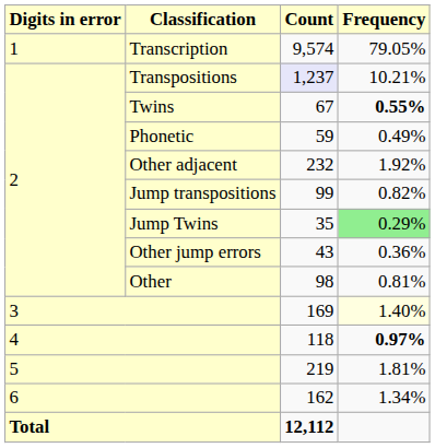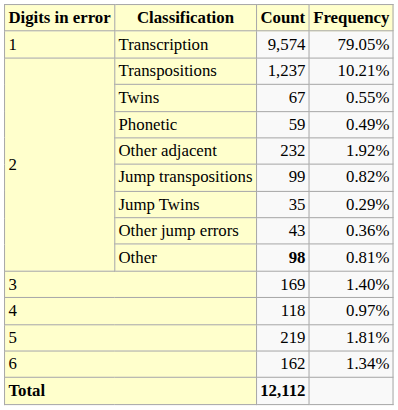 <table class="wikitable">
 <tr valign="middle">
 <th style="background:#ffc">Digits in error</th>
 <th style="background:#ffc">Classification</th>
 <th style="background:#ffc">Count</th>
 <th style="background:#ffc">Frequency</th>
 </tr>
 <tr>
 <td style="background:#ffc">1</td>
 <td style="background:#ffc">Transcription</td>
 <td align="right">9,574</td>
 <td align="right">79.05%</td>
 </tr>
 <tr>
 <td style="background:#ffc" rowspan=8>2</td>
 <td style="background:#ffc">Transpositions</td>
-<td align="right" style="background: lavender;">1,237</td>
+<td align="right">1,237</td>
 <td align="right">10.21%</td>
 </tr>
 <tr>
 <td style="background:#ffc">Twins</td>
 <td align="right">67</td>
-<td align="right"><strong>0.55%</strong></td>
+<td align="right">0.55%</td>
 </tr>
 <tr>
 <td style="background:#ffc">Phonetic</td>
 <td align="right">59</td>
 <td align="right">0.49%</td>
 </tr>
 <tr>
 <td style="background:#ffc">Other adjacent</td>
 <td align="right">232</td>
 <td align="right">1.92%</td>
 </tr>
 <tr>
 <td style="background:#ffc">Jump transpositions</td>
 <td align="right">99</td>
 <td align="right">0.82%</td>
 </tr>
 <tr>
 <td style="background:#ffc">Jump Twins</td>
 <td align="right">35</td>
-<td align="right" style="background: lightgreen;">0.29%</td>
+<td align="right">0.29%</td>
 </tr>
 <tr>
 <td style="background:#ffc">Other jump errors</td>
 <td align="right">43</td>
 <td align="right">0.36%</td>
 </tr>
 <tr>
 <td style="background:#ffc">Other</td>
-<td align="right">98</td>
+<td align="right"><strong>98</strong></td>
 <td align="right">0.81%</td>
 </tr>
 <tr>
 <td colspan=2 style="background:#ffc">3</td>
 <td align="right">169</td>
-<td align="right" style="background: lightyellow;">1.40%</td>
+<td align="right">1.40%</td>
 </tr>
 <tr>
 <td colspan=2 style="background:#ffc">4</td>
 <td align="right">118</td>
-<td align="right"><strong>0.97%</strong></td>
+<td align="right">0.97%</td>
 </tr>
 <tr>
 <td colspan=2 style="background:#ffc">5</td>
 <td align="right">219</td>
 <td align="right">1.81%</td>
 </tr>
 <tr>
 <td colspan=2 style="background:#ffc">6</td>
 <td align="right">162</td>
 <td align="right">1.34%</td>
 </tr>
 <tr>
 <td colspan=2 style="background:#ffc"><strong>Total</strong></td>
 <td align="right"><strong>12,112</strong></td>
 <td></td>
 </tr>
 </table>
